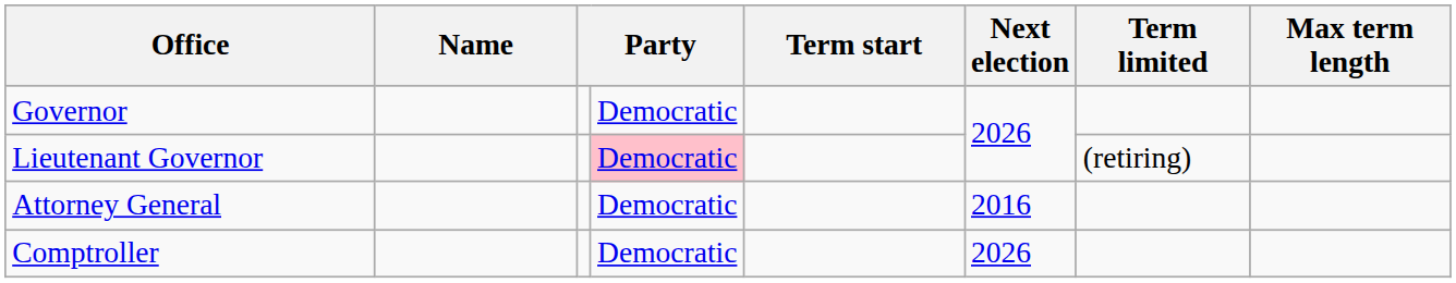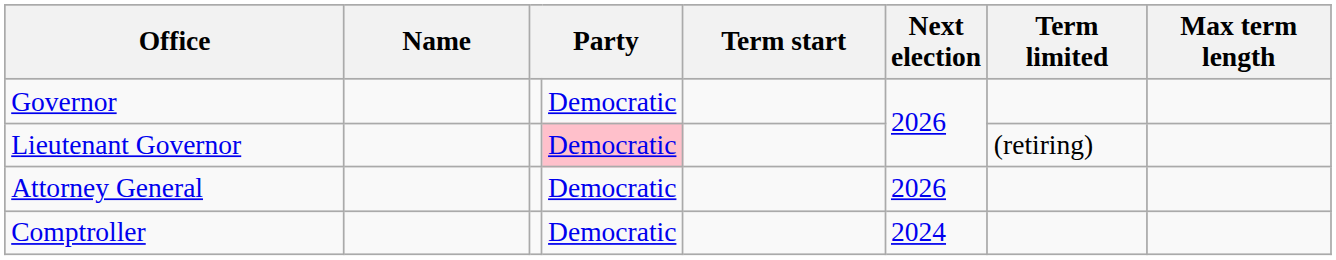 <table class="sortable wikitable">
 <tr>
 <th scope="col" width=190>Office</th>
 <th scope="col" width=100>Name</th>
 <th scope="col" width=75 colspan=2>Party</th>
 <th scope="col" width=110>Term start</th>
 <th scope="col" width=50>Next election</th>
 <th scope="col" width=85>Term limited</th>
 <th scope="col" width=100>Max term length</th>
 </tr>
 <tr>
 <td><a href='#'>Governor</a></td>
 <td></td>
 <td style="background-color:"></td>
 <td><a href='#'>Democratic</a></td>
 <td></td>
 <td rowspan=2><a href='#'>2026</a></td>
 <td></td>
 <td></td>
 </tr>
 <tr>
 <td><a href='#'>Lieutenant Governor</a></td>
 <td></td>
 <td style="background-color:"></td>
 <td style="background: pink;"><a href='#'>Democratic</a></td>
 <td></td>
 <td> (retiring)</td>
 <td></td>
 </tr>
 <tr>
 <td><a href='#'>Attorney General</a></td>
 <td></td>
 <td style="background-color:"></td>
 <td><a href='#'>Democratic</a></td>
 <td></td>
-<td><a href='#'>2016</a></td>
+<td><a href='#'>2026</a></td>
 <td></td>
 <td></td>
 </tr>
 <tr>
 <td><a href='#'>Comptroller</a></td>
 <td></td>
 <td style="background-color:"></td>
 <td><a href='#'>Democratic</a></td>
 <td></td>
-<td><a href='#'>2026</a></td>
+<td><a href='#'>2024</a></td>
 <td></td>
 <td></td>
 </tr>
 </table>
